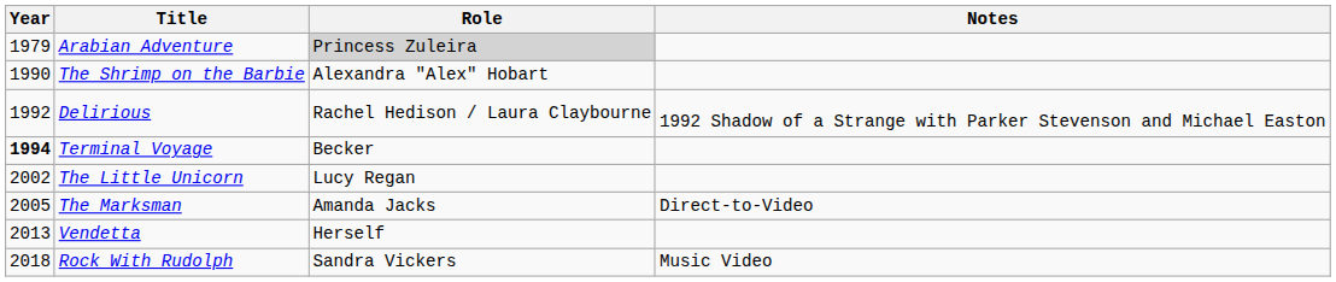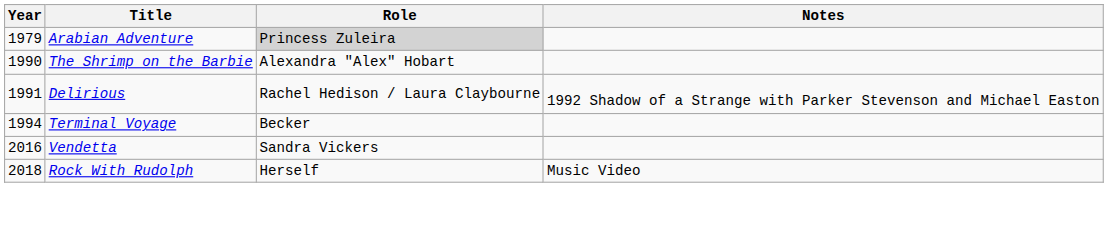 <table class="wikitable">
 <tr>
 <th>Year</th>
 <th>Title</th>
 <th>Role</th>
 <th>Notes</th>
 </tr>
 <tr>
 <td>1979</td>
 <td><em><a href='#'>Arabian Adventure</a></em></td>
 <td style="background: lightgrey;">Princess Zuleira</td>
 <td></td>
 </tr>
 <tr>
 <td>1990</td>
 <td><em><a href='#'>The Shrimp on the Barbie</a></em></td>
 <td>Alexandra "Alex" Hobart</td>
 <td></td>
 </tr>
 <tr>
-<td>1992</td>
+<td>1991</td>
 <td><em><a href='#'>Delirious</a></em></td>
 <td>Rachel Hedison / Laura Claybourne</td>
 <td><br>1992 Shadow of a Strange with Parker Stevenson and Michael Easton</td>
 </tr>
 <tr>
-<td><strong>1994</strong></td>
+<td>1994</td>
 <td><em><a href='#'>Terminal Voyage</a></em></td>
 <td>Becker</td>
 <td></td>
 </tr>
 <tr>
-<td>2002</td>
-<td><em><a href='#'>The Little Unicorn</a></em></td>
-<td>Lucy Regan</td>
-<td></td>
-</tr>
-<tr>
-<td>2005</td>
-<td><em><a href='#'>The Marksman</a></em></td>
-<td>Amanda Jacks</td>
-<td>Direct-to-Video</td>
-</tr>
-<tr>
-<td>2013</td>
+<td>2016</td>
 <td><em><a href='#'>Vendetta</a></em></td>
-<td>Herself</td>
+<td>Sandra Vickers</td>
 <td></td>
 </tr>
 <tr>
 <td>2018</td>
 <td><em><a href='#'>Rock With Rudolph</a></em></td>
-<td>Sandra Vickers</td>
+<td>Herself</td>
 <td>Music Video</td>
 </tr>
 </table>
